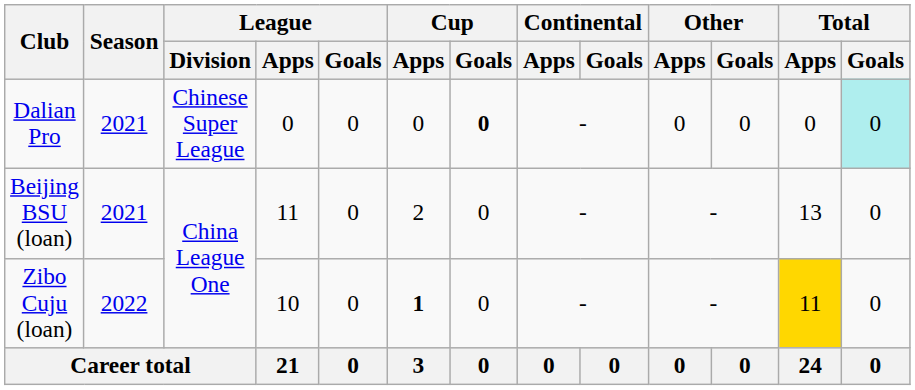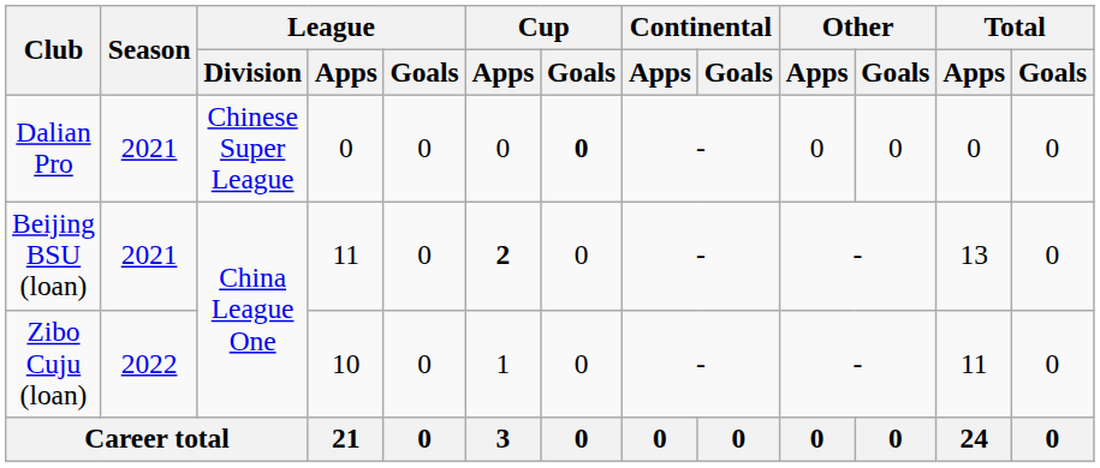 <table class="wikitable" style="text-align: center">
 <tr>
 <th rowspan="2">Club</th>
 <th rowspan="2">Season</th>
 <th colspan="3">League</th>
 <th colspan="2">Cup</th>
 <th colspan="2">Continental</th>
 <th colspan="2">Other</th>
 <th colspan="2">Total</th>
 </tr>
 <tr>
 <th>Division</th>
 <th>Apps</th>
 <th>Goals</th>
 <th>Apps</th>
 <th>Goals</th>
 <th>Apps</th>
 <th>Goals</th>
 <th>Apps</th>
 <th>Goals</th>
 <th>Apps</th>
 <th>Goals</th>
 </tr>
 <tr>
 <td><a href='#'>Dalian Pro</a></td>
 <td><a href='#'>2021</a></td>
 <td><a href='#'>Chinese Super League</a></td>
 <td>0</td>
 <td>0</td>
 <td>0</td>
 <td><strong>0</strong></td>
 <td colspan="2">-</td>
 <td>0</td>
 <td>0</td>
 <td>0</td>
-<td style="background: paleturquoise;">0</td>
+<td>0</td>
 </tr>
 <tr>
 <td><a href='#'>Beijing BSU</a> (loan)</td>
 <td><a href='#'>2021</a></td>
 <td rowspan=2><a href='#'>China League One</a></td>
 <td>11</td>
 <td>0</td>
-<td>2</td>
+<td><strong>2</strong></td>
 <td>0</td>
 <td colspan="2">-</td>
 <td colspan="2">-</td>
 <td>13</td>
 <td>0</td>
 </tr>
 <tr>
 <td><a href='#'>Zibo Cuju</a> (loan)</td>
 <td><a href='#'>2022</a></td>
 <td>10</td>
 <td>0</td>
-<td><strong>1</strong></td>
+<td>1</td>
 <td>0</td>
 <td colspan="2">-</td>
 <td colspan="2">-</td>
-<td style="background: gold;">11</td>
+<td>11</td>
 <td>0</td>
 </tr>
 <tr>
 <th colspan=3>Career total</th>
 <th>21</th>
 <th>0</th>
 <th>3</th>
 <th>0</th>
 <th>0</th>
 <th>0</th>
 <th>0</th>
 <th>0</th>
 <th>24</th>
 <th>0</th>
 </tr>
 </table>
